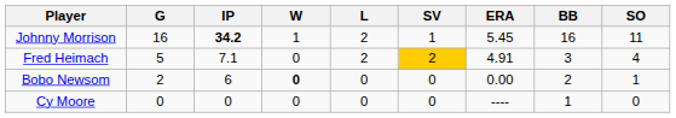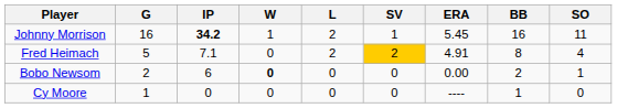 <table class="wikitable sortable">
 <tr>
 <th bgcolor="#DDDDFF" width="16%">Player</th>
 <th bgcolor="#DDDDFF" width="9%">G</th>
 <th bgcolor="#DDDDFF" width="9%">IP</th>
 <th bgcolor="#DDDDFF" width="9%">W</th>
 <th bgcolor="#DDDDFF" width="9%">L</th>
 <th bgcolor="#DDDDFF" width="9%">SV</th>
 <th bgcolor="#DDDDFF" width="9%">ERA</th>
 <th bgcolor="#DDDDFF" width="9%">BB</th>
 <th bgcolor="#DDDDFF" width="9%">SO</th>
 </tr>
 <tr align="center">
 <td><a href='#'>Johnny Morrison</a></td>
 <td>16</td>
 <td><strong>34.2</strong></td>
 <td>1</td>
 <td>2</td>
 <td>1</td>
 <td>5.45</td>
 <td>16</td>
 <td>11</td>
 </tr>
 <tr align="center">
 <td><a href='#'>Fred Heimach</a></td>
 <td>5</td>
 <td>7.1</td>
 <td>0</td>
 <td>2</td>
 <td style="background:#fc0;">2</td>
 <td>4.91</td>
-<td>3</td>
+<td>8</td>
 <td>4</td>
 </tr>
 <tr align="center">
 <td><a href='#'>Bobo Newsom</a></td>
 <td>2</td>
 <td>6</td>
 <td><strong>0</strong></td>
 <td>0</td>
 <td>0</td>
 <td>0.00</td>
 <td>2</td>
 <td>1</td>
 </tr>
 <tr align="center">
 <td><a href='#'>Cy Moore</a></td>
-<td>0</td>
+<td>1</td>
 <td>0</td>
 <td>0</td>
 <td>0</td>
 <td>0</td>
 <td>----</td>
 <td>1</td>
 <td>0</td>
 </tr>
 </table>
